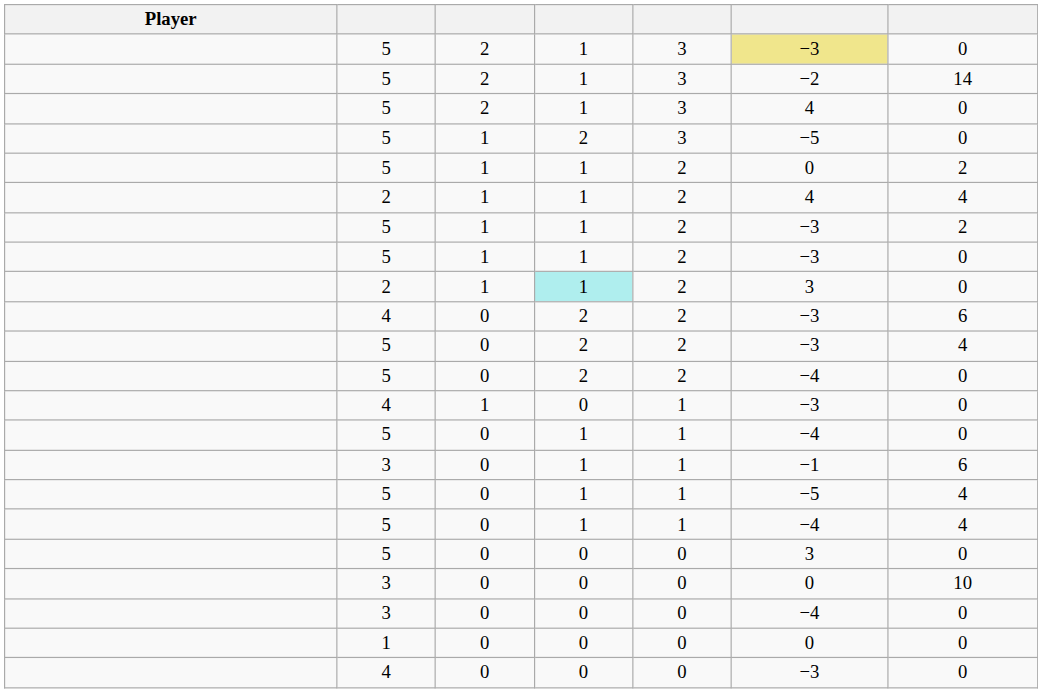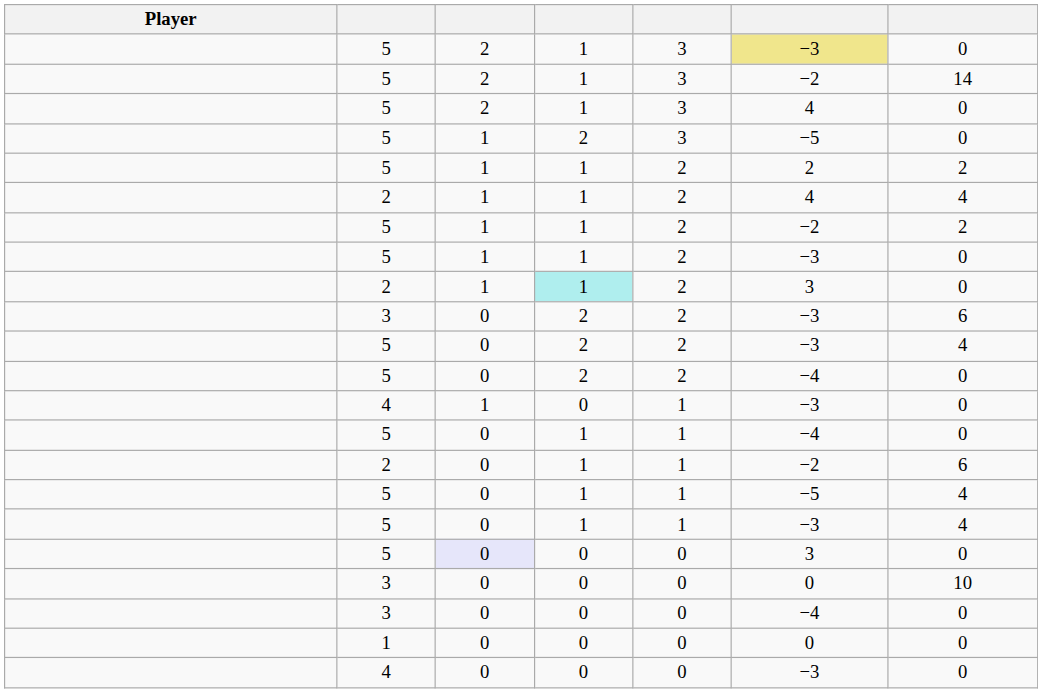 <table class="wikitable sortable" style="width:100%; text-align:center;">
 <tr>
 <th>Player</th>
 <th></th>
 <th></th>
 <th></th>
 <th></th>
 <th data-sort-type="number"></th>
 <th></th>
 </tr>
 <tr>
 <td></td>
 <td>5</td>
 <td>2</td>
 <td>1</td>
 <td>3</td>
 <td style="background: khaki;">−3</td>
 <td>0</td>
 </tr>
 <tr>
 <td></td>
 <td>5</td>
 <td>2</td>
 <td>1</td>
 <td>3</td>
 <td>−2</td>
 <td>14</td>
 </tr>
 <tr>
 <td></td>
 <td>5</td>
 <td>2</td>
 <td>1</td>
 <td>3</td>
 <td>4</td>
 <td>0</td>
 </tr>
 <tr>
 <td></td>
 <td>5</td>
 <td>1</td>
 <td>2</td>
 <td>3</td>
 <td>−5</td>
 <td>0</td>
 </tr>
 <tr>
 <td></td>
 <td>5</td>
 <td>1</td>
 <td>1</td>
 <td>2</td>
-<td>0</td>
+<td>2</td>
 <td>2</td>
 </tr>
 <tr>
 <td></td>
 <td>2</td>
 <td>1</td>
 <td>1</td>
 <td>2</td>
 <td>4</td>
 <td>4</td>
 </tr>
 <tr>
 <td></td>
 <td>5</td>
 <td>1</td>
 <td>1</td>
 <td>2</td>
-<td>−3</td>
+<td>−2</td>
 <td>2</td>
 </tr>
 <tr>
 <td></td>
 <td>5</td>
 <td>1</td>
 <td>1</td>
 <td>2</td>
 <td>−3</td>
 <td>0</td>
 </tr>
 <tr>
 <td></td>
 <td>2</td>
 <td>1</td>
 <td style="background: paleturquoise;">1</td>
 <td>2</td>
 <td>3</td>
 <td>0</td>
 </tr>
 <tr>
 <td></td>
-<td>4</td>
+<td>3</td>
 <td>0</td>
 <td>2</td>
 <td>2</td>
 <td>−3</td>
 <td>6</td>
 </tr>
 <tr>
 <td></td>
 <td>5</td>
 <td>0</td>
 <td>2</td>
 <td>2</td>
 <td>−3</td>
 <td>4</td>
 </tr>
 <tr>
 <td></td>
 <td>5</td>
 <td>0</td>
 <td>2</td>
 <td>2</td>
 <td>−4</td>
 <td>0</td>
 </tr>
 <tr>
 <td></td>
 <td>4</td>
 <td>1</td>
 <td>0</td>
 <td>1</td>
 <td>−3</td>
 <td>0</td>
 </tr>
 <tr>
 <td></td>
 <td>5</td>
 <td>0</td>
 <td>1</td>
 <td>1</td>
 <td>−4</td>
 <td>0</td>
 </tr>
 <tr>
 <td></td>
-<td>3</td>
+<td>2</td>
 <td>0</td>
 <td>1</td>
 <td>1</td>
-<td>−1</td>
+<td>−2</td>
 <td>6</td>
 </tr>
 <tr>
 <td></td>
 <td>5</td>
 <td>0</td>
 <td>1</td>
 <td>1</td>
 <td>−5</td>
 <td>4</td>
 </tr>
 <tr>
 <td></td>
 <td>5</td>
 <td>0</td>
 <td>1</td>
 <td>1</td>
-<td>−4</td>
+<td>−3</td>
 <td>4</td>
 </tr>
 <tr>
 <td></td>
 <td>5</td>
-<td>0</td>
+<td style="background: lavender;">0</td>
 <td>0</td>
 <td>0</td>
 <td>3</td>
 <td>0</td>
 </tr>
 <tr>
 <td></td>
 <td>3</td>
 <td>0</td>
 <td>0</td>
 <td>0</td>
 <td>0</td>
 <td>10</td>
 </tr>
 <tr>
 <td></td>
 <td>3</td>
 <td>0</td>
 <td>0</td>
 <td>0</td>
 <td>−4</td>
 <td>0</td>
 </tr>
 <tr>
 <td></td>
 <td>1</td>
 <td>0</td>
 <td>0</td>
 <td>0</td>
 <td>0</td>
 <td>0</td>
 </tr>
 <tr>
 <td></td>
 <td>4</td>
 <td>0</td>
 <td>0</td>
 <td>0</td>
 <td>−3</td>
 <td>0</td>
 </tr>
 </table>
